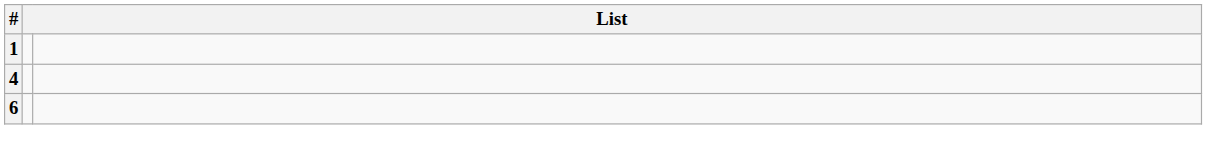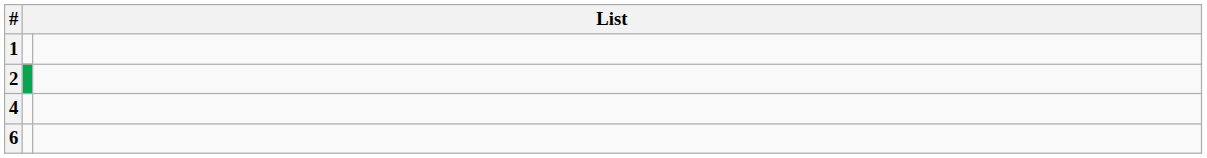 <table class=wikitable>
 <tr>
 <th>#</th>
 <th colspan=2 width=1000>List</th>
 </tr>
 <tr>
 <th>1</th>
 <td width="1" style="color:inherit;background:"></td>
+<td><br>    </td>
+</tr>
+<tr>
+<th>2</th>
+<td width="1" style="color:inherit;background:#0AA450"></td>
 <td><br>    </td>
 </tr>
 <tr>
 <th>4</th>
 <td width="1" style="color:inherit;background:"></td>
 <td><br>    </td>
 </tr>
 <tr>
 <th>6</th>
 <td width="1"></td>
 <td><br>    </td>
 </tr>
 </table>
